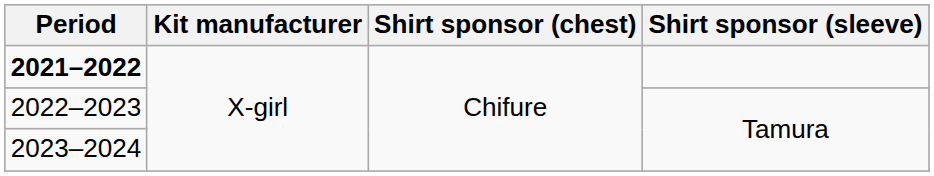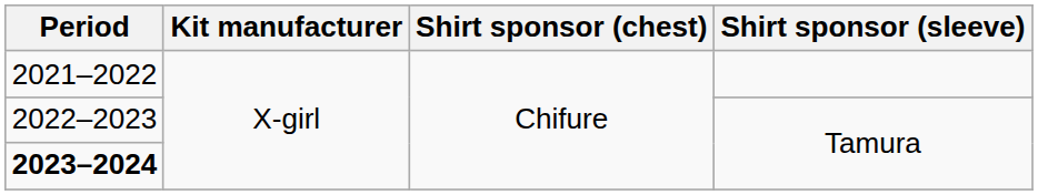 <table class="wikitable" style="text-align:center">
 <tr>
 <th>Period</th>
 <th>Kit manufacturer</th>
 <th>Shirt sponsor (chest)</th>
 <th>Shirt sponsor (sleeve)</th>
 </tr>
 <tr>
-<td><strong>2021–2022</strong></td>
+<td>2021–2022</td>
 <td rowspan="3">X-girl</td>
 <td rowspan="3">Chifure</td>
 <td></td>
 </tr>
 <tr>
 <td>2022–2023</td>
 <td rowspan="2">Tamura</td>
 </tr>
 <tr>
-<td>2023–2024</td>
+<td><strong>2023–2024</strong></td>
 </tr>
 </table>
